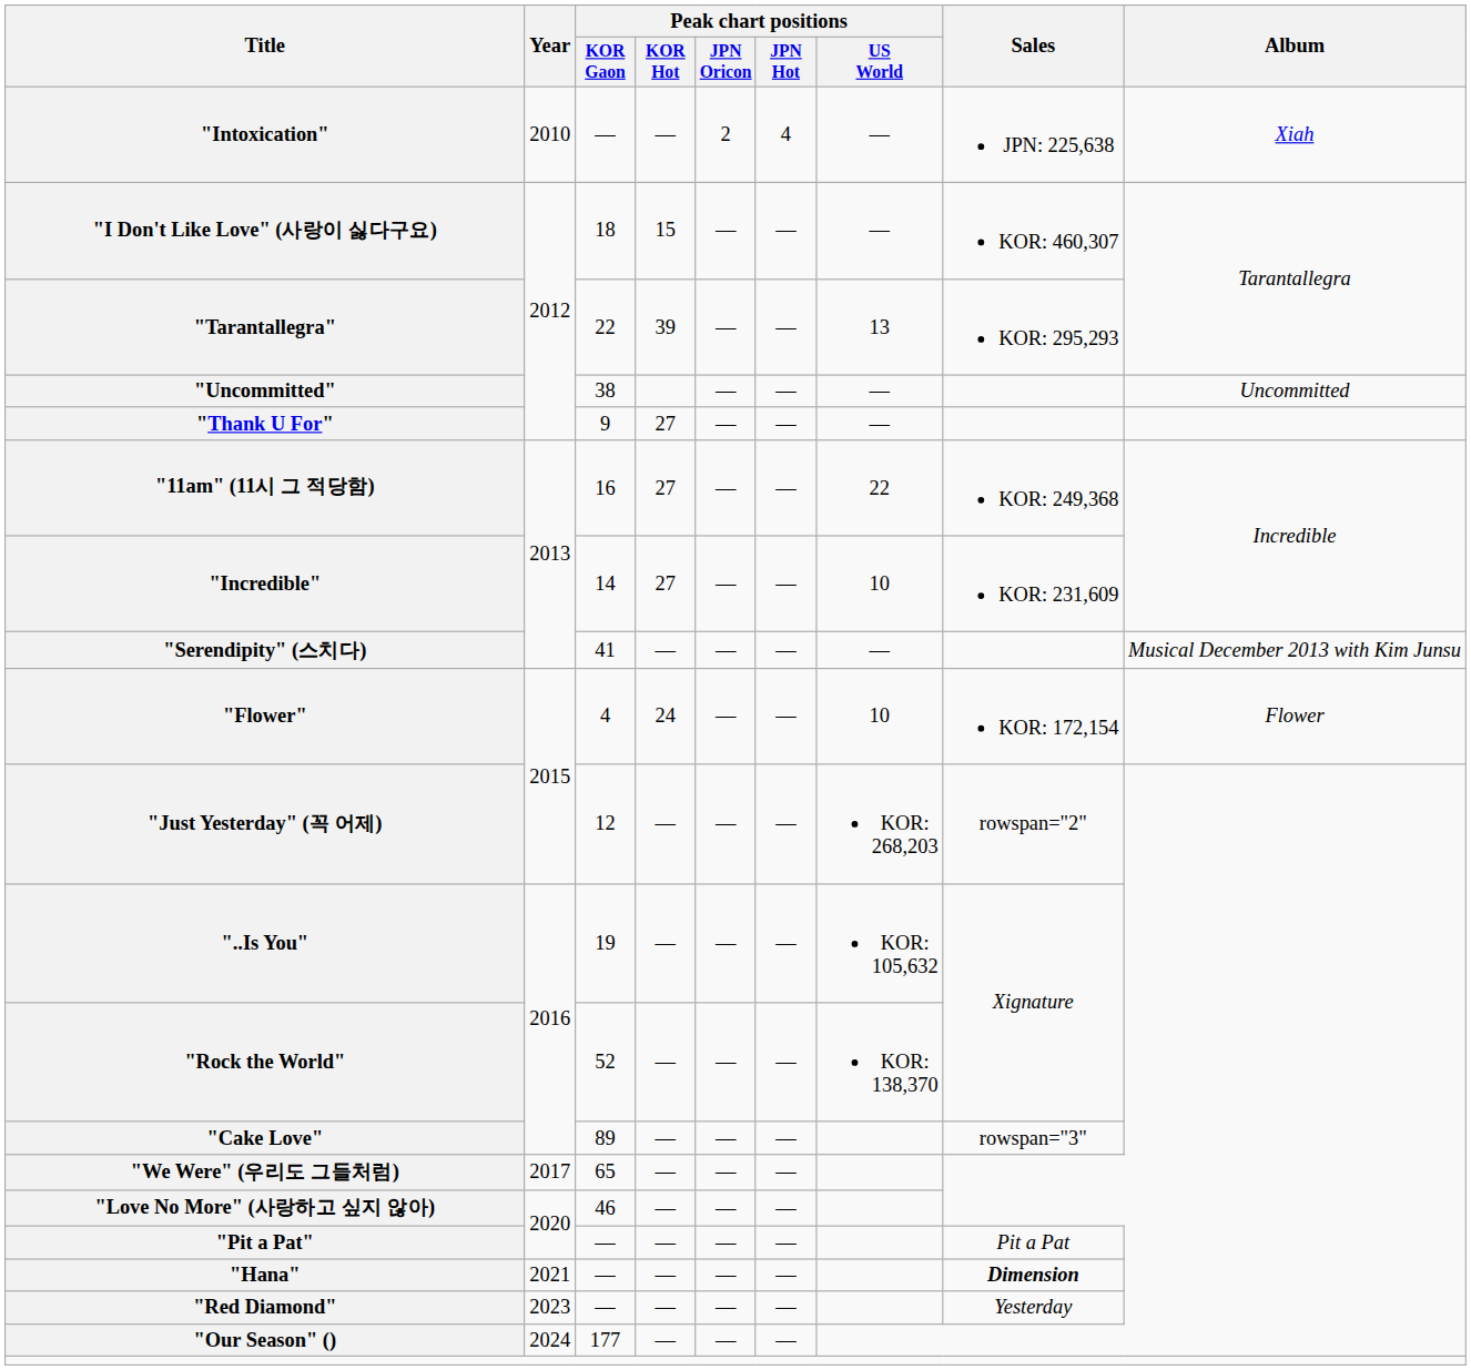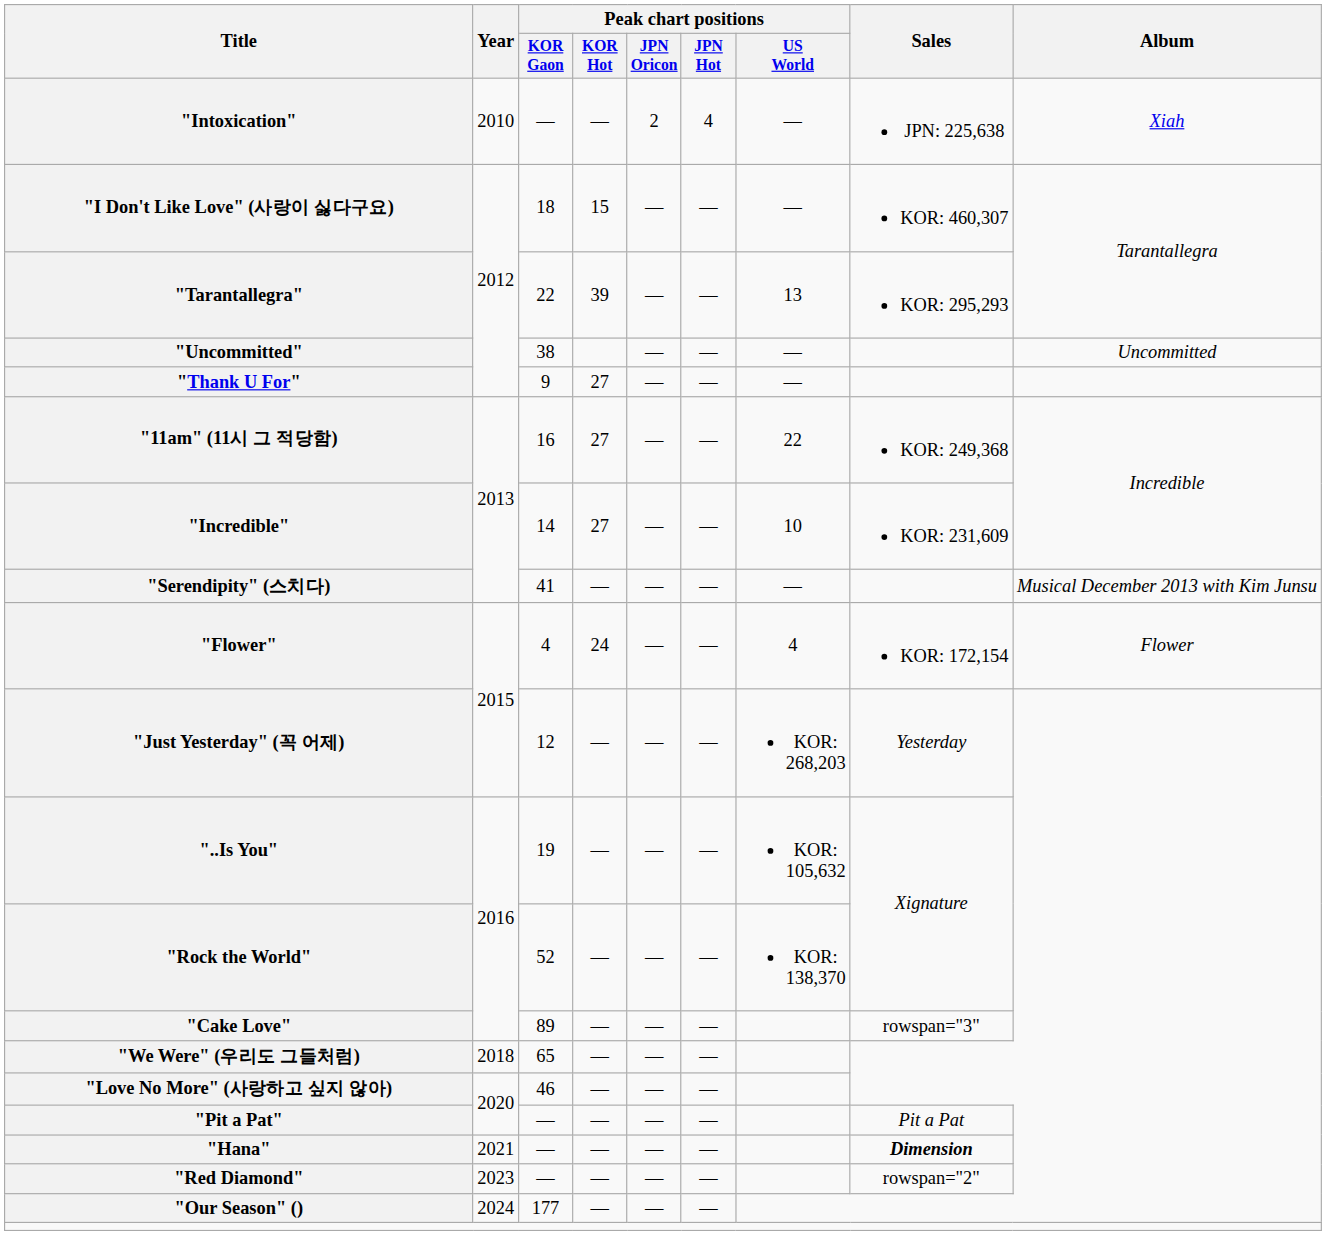 <table class="wikitable plainrowheaders" style="text-align:center;">
 <tr>
 <th scope="col" rowspan="2" style="width:25em;">Title</th>
 <th scope="col" rowspan="2">Year</th>
 <th scope="col" colspan="5">Peak chart positions</th>
 <th scope="col" rowspan="2">Sales</th>
 <th scope="col" rowspan="2">Album</th>
 </tr>
 <tr>
 <th scope="col" style="width:3em;font-size:85%;"><a href='#'>KOR<br>Gaon</a><br></th>
 <th scope="col" style="width:3em;font-size:85%;"><a href='#'>KOR<br>Hot</a><br></th>
 <th scope="col" style="width:3em;font-size:85%;"><a href='#'>JPN<br>Oricon</a><br></th>
 <th scope="col" style="width:3em;font-size:85%;"><a href='#'>JPN<br>Hot</a><br></th>
 <th scope="col" style="width:3em;font-size:85%;"><a href='#'>US<br>World</a><br></th>
 </tr>
 <tr>
 <th scope="row">"Intoxication"</th>
 <td>2010</td>
 <td>—</td>
 <td>—</td>
 <td>2</td>
 <td>4</td>
 <td>—</td>
 <td><br><ul><li>JPN: 225,638</li></ul></td>
 <td><em><a href='#'>Xiah</a></em></td>
 </tr>
 <tr>
 <th scope="row">"I Don't Like Love" (사랑이 싫다구요)</th>
 <td rowspan="4">2012</td>
 <td>18</td>
 <td>15</td>
 <td>—</td>
 <td>—</td>
 <td>—</td>
 <td><br><ul><li>KOR: 460,307</li></ul></td>
 <td rowspan="2"><em>Tarantallegra</em></td>
 </tr>
 <tr>
 <th scope="row">"Tarantallegra" </th>
 <td>22</td>
 <td>39</td>
 <td>—</td>
 <td>—</td>
 <td>13</td>
 <td><br><ul><li>KOR: 295,293</li></ul></td>
 </tr>
 <tr>
 <th scope="row">"Uncommitted"</th>
 <td>38</td>
 <td></td>
 <td>—</td>
 <td>—</td>
 <td>—</td>
 <td></td>
 <td><em>Uncommitted</em></td>
 </tr>
 <tr>
 <th scope="row">"<a href='#'>Thank U For</a>"</th>
 <td>9</td>
 <td>27</td>
 <td>—</td>
 <td>—</td>
 <td>—</td>
 <td></td>
 <td></td>
 </tr>
 <tr>
 <th scope="row">"11am" (11시 그 적당함)</th>
 <td rowspan="3">2013</td>
 <td>16</td>
 <td>27</td>
 <td>—</td>
 <td>—</td>
 <td>22</td>
 <td><br><ul><li>KOR: 249,368</li></ul></td>
 <td rowspan="2"><em>Incredible</em></td>
 </tr>
 <tr>
 <th scope="row">"Incredible" </th>
 <td>14</td>
 <td>27</td>
 <td>—</td>
 <td>—</td>
 <td>10</td>
 <td><br><ul><li>KOR: 231,609</li></ul></td>
 </tr>
 <tr>
 <th scope="row">"Serendipity" (스치다) </th>
 <td>41</td>
 <td>—</td>
 <td>—</td>
 <td>—</td>
 <td>—</td>
 <td></td>
 <td><em>Musical December 2013 with Kim Junsu</em></td>
 </tr>
 <tr>
 <th scope="row">"Flower" </th>
 <td rowspan="2">2015</td>
 <td>4</td>
 <td>24</td>
 <td>—</td>
 <td>—</td>
-<td>10</td>
+<td>4</td>
 <td><br><ul><li>KOR: 172,154</li></ul></td>
 <td><em>Flower</em></td>
 </tr>
 <tr>
 <th scope="row">"Just Yesterday" (꼭 어제)</th>
 <td>12</td>
 <td>—</td>
 <td>—</td>
 <td>—</td>
 <td><br><ul><li>KOR: 268,203</li></ul></td>
-<td>rowspan="2" </td>
+<td><em>Yesterday</em></td>
 </tr>
 <tr>
 <th scope="row">"..Is You"</th>
 <td rowspan="3">2016</td>
 <td>19</td>
 <td>—</td>
 <td>—</td>
 <td>—</td>
 <td><br><ul><li>KOR: 105,632</li></ul></td>
 <td rowspan="2"><em>Xignature</em></td>
 </tr>
 <tr>
 <th scope="row">"Rock the World" </th>
 <td>52</td>
 <td>—</td>
 <td>—</td>
 <td>—</td>
 <td><br><ul><li>KOR: 138,370</li></ul></td>
 </tr>
 <tr>
 <th scope="row">"Cake Love" </th>
 <td>89</td>
 <td>—</td>
 <td>—</td>
 <td>—</td>
 <td></td>
 <td>rowspan="3" </td>
 </tr>
 <tr>
 <th scope="row">"We Were" (우리도 그들처럼) </th>
-<td>2017</td>
+<td>2018</td>
 <td>65</td>
 <td>—</td>
 <td>—</td>
 <td>—</td>
 <td></td>
 </tr>
 <tr>
 <th scope="row">"Love No More" (사랑하고 싶지 않아)</th>
 <td rowspan="2">2020</td>
 <td>46</td>
 <td>—</td>
 <td>—</td>
 <td>—</td>
 <td></td>
 </tr>
 <tr>
 <th scope="row">"Pit a Pat"</th>
 <td>—</td>
 <td>—</td>
 <td>—</td>
 <td>—</td>
 <td></td>
 <td><em>Pit a Pat</em></td>
 </tr>
 <tr>
 <th scope="row">"Hana"</th>
 <td>2021</td>
 <td>—</td>
 <td>—</td>
 <td>—</td>
 <td>—</td>
 <td></td>
 <td><strong><em>Dimension</em></strong></td>
 </tr>
 <tr>
 <th scope="row">"Red Diamond"</th>
 <td>2023</td>
 <td>—</td>
 <td>—</td>
 <td>—</td>
 <td>—</td>
 <td></td>
-<td><em>Yesterday</em></td>
+<td>rowspan="2" </td>
 </tr>
 <tr>
 <th scope="row">"Our Season" ()</th>
 <td>2024</td>
 <td>177</td>
 <td>—</td>
 <td>—</td>
 <td>—</td>
 </tr>
 <tr>
 <td colspan="9"></td>
 </tr>
 </table>
